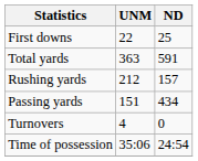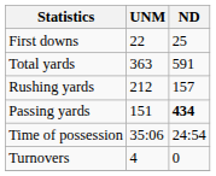 <table class="wikitable">
 <tr>
 <th>Statistics</th>
 <th>UNM</th>
 <th>ND</th>
 </tr>
 <tr>
 <td>First downs</td>
 <td>22</td>
 <td>25</td>
 </tr>
 <tr>
 <td>Total yards</td>
 <td>363</td>
 <td>591</td>
 </tr>
 <tr>
 <td>Rushing yards</td>
 <td>212</td>
 <td>157</td>
 </tr>
 <tr>
 <td>Passing yards</td>
 <td>151</td>
-<td>434</td>
+<td><strong>434</strong></td>
+</tr>
+<tr>
+<td>Time of possession</td>
+<td>35:06</td>
+<td>24:54</td>
 </tr>
 <tr>
 <td>Turnovers</td>
 <td>4</td>
 <td>0</td>
 </tr>
 <tr>
-<td>Time of possession</td>
-<td>35:06</td>
-<td>24:54</td>
-</tr>
-<tr>
 </tr>
 </table>
